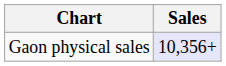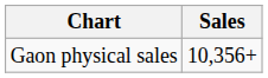 <table class="wikitable">
 <tr>
 <th>Chart</th>
 <th>Sales </th>
 </tr>
 <tr>
 <td>Gaon physical sales</td>
-<td align="center" style="background: lavender;">10,356+</td>
+<td align="center">10,356+</td>
 </tr>
 </table>
